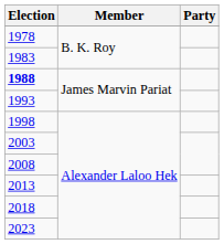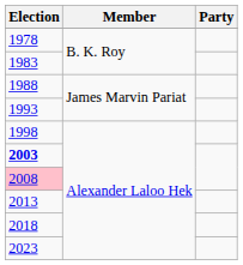 <table class="wikitable sortable">
 <tr>
 <th>Election</th>
 <th>Member</th>
 <th colspan=2>Party</th>
 </tr>
 <tr>
 </tr>
 <tr>
 <td><a href='#'>1978</a></td>
 <td rowspan=2>B. K. Roy</td>
 <td></td>
 </tr>
 <tr>
 <td><a href='#'>1983</a></td>
 </tr>
 <tr>
-<td><strong><a href='#'>1988</a></strong></td>
+<td><a href='#'>1988</a></td>
 <td rowspan=2>James Marvin Pariat</td>
 <td></td>
 </tr>
 <tr>
 <td><a href='#'>1993</a></td>
 <td></td>
 </tr>
 <tr>
 <td><a href='#'>1998</a></td>
 <td rowspan=6><a href='#'>Alexander Laloo Hek</a></td>
 <td></td>
 </tr>
 <tr>
-<td><a href='#'>2003</a></td>
+<td><strong><a href='#'>2003</a></strong></td>
 </tr>
 <tr>
-<td><a href='#'>2008</a></td>
+<td style="background: pink;"><a href='#'>2008</a></td>
 </tr>
 <tr>
 <td><a href='#'>2013</a></td>
 <td></td>
 </tr>
 <tr>
 <td><a href='#'>2018</a></td>
 <td></td>
 </tr>
 <tr>
 <td><a href='#'>2023</a></td>
 </tr>
 </table>
